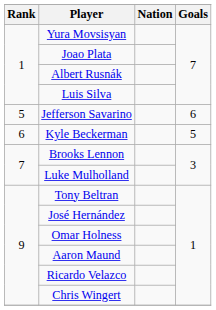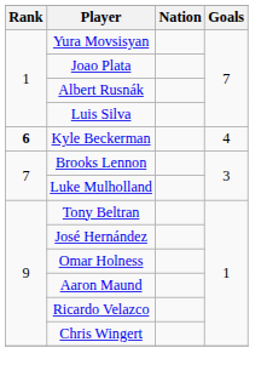 <table class="wikitable" style="font-size: 95%; text-align: center;">
 <tr>
 </tr>
 <tr>
 <th>Rank</th>
 <th>Player</th>
 <th>Nation</th>
 <th>Goals</th>
 </tr>
 <tr>
 <td rowspan="4">1</td>
 <td><a href='#'>Yura Movsisyan</a></td>
 <td></td>
 <td rowspan="4">7</td>
 </tr>
 <tr>
 <td><a href='#'>Joao Plata</a></td>
 <td></td>
 </tr>
 <tr>
 <td><a href='#'>Albert Rusnák</a></td>
 <td></td>
 </tr>
 <tr>
 <td><a href='#'>Luis Silva</a></td>
 <td></td>
 </tr>
 <tr>
-<td rowspan="1">5</td>
-<td><a href='#'>Jefferson Savarino</a></td>
-<td></td>
-<td rowspan="1">6</td>
-</tr>
-<tr>
-<td rowspan="1">6</td>
+<td rowspan="1"><strong>6</strong></td>
 <td><a href='#'>Kyle Beckerman</a></td>
 <td></td>
-<td rowspan="1">5</td>
+<td rowspan="1">4</td>
 </tr>
 <tr>
 <td rowspan="2">7</td>
 <td><a href='#'>Brooks Lennon</a></td>
 <td></td>
 <td rowspan="2">3</td>
 </tr>
 <tr>
 <td><a href='#'>Luke Mulholland</a></td>
 <td></td>
 </tr>
 <tr>
 <td rowspan="6">9</td>
 <td><a href='#'>Tony Beltran</a></td>
 <td></td>
 <td rowspan="6">1</td>
 </tr>
 <tr>
 <td><a href='#'>José Hernández</a></td>
 <td></td>
 </tr>
 <tr>
 <td><a href='#'>Omar Holness</a></td>
 <td></td>
 </tr>
 <tr>
 <td><a href='#'>Aaron Maund</a></td>
 <td></td>
 </tr>
 <tr>
 <td><a href='#'>Ricardo Velazco</a></td>
 <td></td>
 </tr>
 <tr>
 <td><a href='#'>Chris Wingert</a></td>
 <td></td>
 </tr>
 <tr>
 </tr>
 </table>
